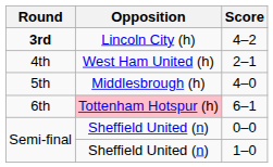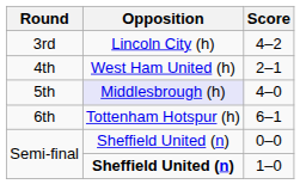 <table class="wikitable" align="left" style="text-align:center;margin-left:1em">
 <tr>
 <th>Round</th>
 <th>Opposition</th>
 <th>Score</th>
 </tr>
 <tr>
-<td><strong>3rd</strong></td>
+<td>3rd</td>
 <td><a href='#'>Lincoln City</a> (h)</td>
 <td>4–2</td>
 </tr>
 <tr>
 <td>4th</td>
 <td><a href='#'>West Ham United</a> (h)</td>
 <td>2–1</td>
 </tr>
 <tr>
 <td>5th</td>
-<td><a href='#'>Middlesbrough</a> (h)</td>
+<td style="background: lavender;"><a href='#'>Middlesbrough</a> (h)</td>
 <td>4–0</td>
 </tr>
 <tr>
 <td>6th</td>
-<td style="background: pink;"><a href='#'>Tottenham Hotspur</a> (h)</td>
+<td><a href='#'>Tottenham Hotspur</a> (h)</td>
 <td>6–1</td>
 </tr>
 <tr>
 <td rowspan="2">Semi-final</td>
 <td><a href='#'>Sheffield United</a> (<a href='#'>n</a>)</td>
 <td>0–0</td>
 </tr>
 <tr>
-<td>Sheffield United (<a href='#'>n</a>)</td>
+<td><strong>Sheffield United (<a href='#'>n</a>)</strong></td>
 <td>1–0</td>
 </tr>
 </table>
